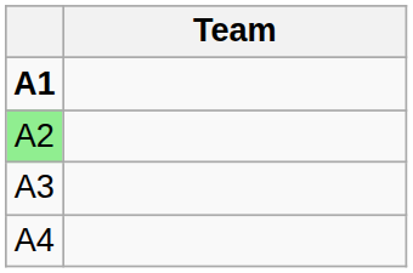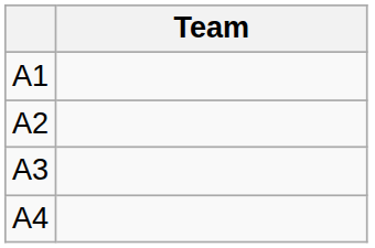 <table class="wikitable" style="display:inline-table;">
 <tr>
 <th></th>
 <th width=160>Team</th>
 </tr>
 <tr>
-<td align=center><strong>A1</strong></td>
+<td align=center>A1</td>
 <td></td>
 </tr>
 <tr>
-<td align=center style="background: lightgreen;">A2</td>
+<td align=center>A2</td>
 <td></td>
 </tr>
 <tr>
 <td align=center>A3</td>
 <td></td>
 </tr>
 <tr>
 <td align=center>A4</td>
 <td></td>
 </tr>
 </table>
